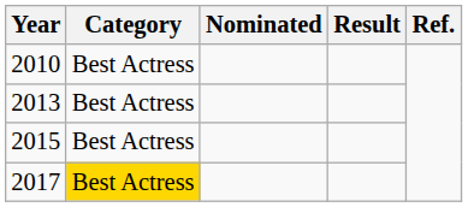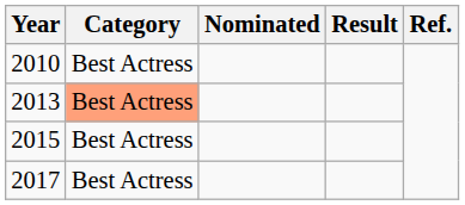 <table class="wikitable">
 <tr>
 <th>Year</th>
 <th>Category</th>
 <th>Nominated</th>
 <th>Result</th>
 <th>Ref.</th>
 </tr>
 <tr>
 <td>2010</td>
 <td>Best Actress</td>
 <td></td>
 <td></td>
 </tr>
 <tr>
 <td>2013</td>
-<td>Best Actress</td>
+<td style="background: lightsalmon;">Best Actress</td>
 <td></td>
 <td></td>
 </tr>
 <tr>
 <td>2015</td>
 <td>Best Actress</td>
 <td></td>
 <td></td>
 </tr>
 <tr>
 <td>2017</td>
-<td style="background: gold;">Best Actress</td>
+<td>Best Actress</td>
 <td></td>
 <td></td>
 </tr>
 </table>
